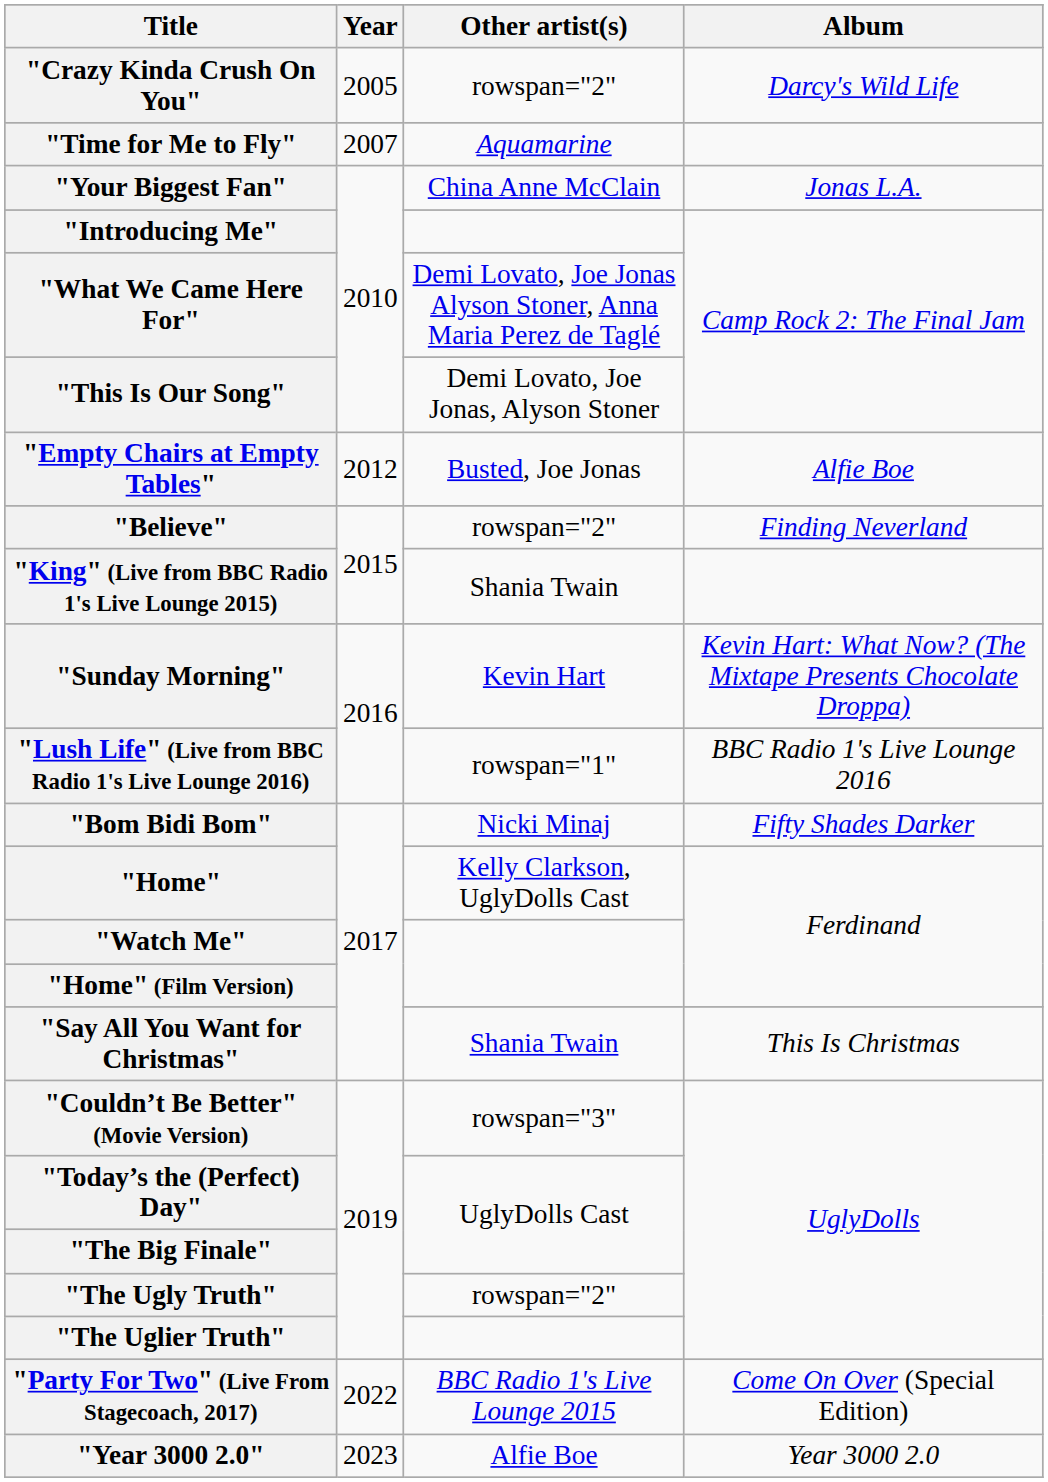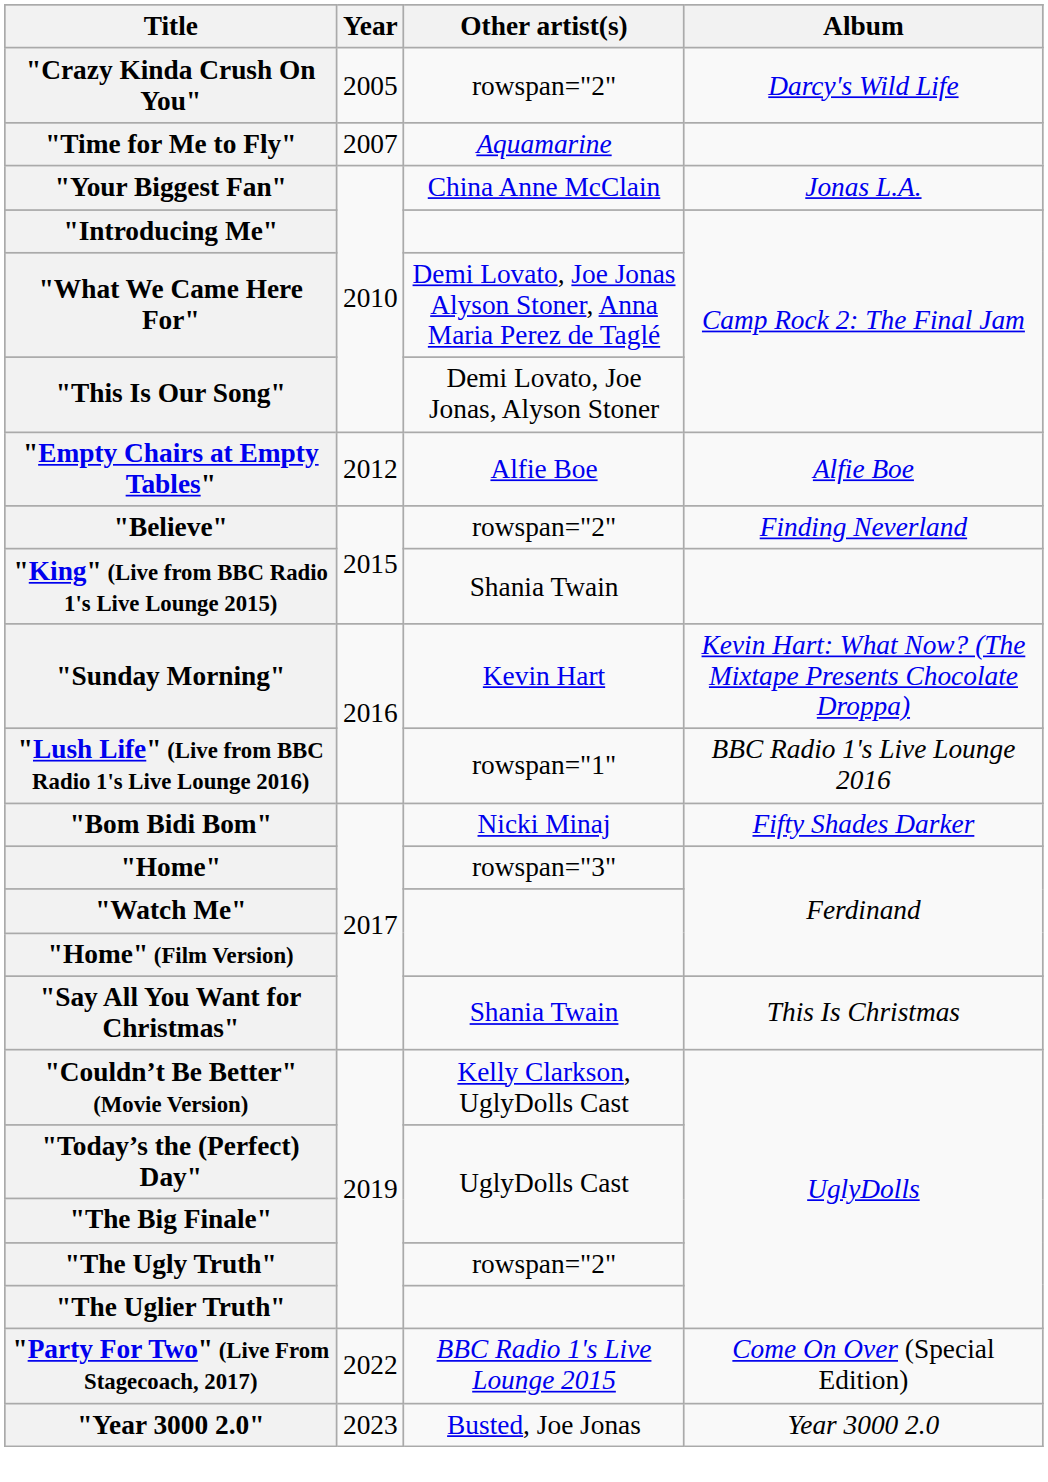 <table class="wikitable plainrowheaders" style="text-align:center;">
 <tr>
 <th scope="col" style="width:24em;">Title</th>
 <th scope="col" style="width:1em;">Year</th>
 <th scope="col" style="width:19em;">Other artist(s)</th>
 <th scope="col" style="width:30em;">Album</th>
 </tr>
 <tr>
 <th scope="row">"Crazy Kinda Crush On You"</th>
 <td>2005</td>
 <td>rowspan="2" </td>
 <td><em><a href='#'>Darcy's Wild Life</a></em></td>
 </tr>
 <tr>
 <th scope="row">"Time for Me to Fly"</th>
 <td>2007</td>
 <td><em><a href='#'>Aquamarine</a></em></td>
 </tr>
 <tr>
 <th scope="row">"Your Biggest Fan"</th>
 <td rowspan="4">2010</td>
 <td><a href='#'>China Anne McClain</a></td>
 <td><em><a href='#'>Jonas L.A.</a></em></td>
 </tr>
 <tr>
 <th scope="row">"Introducing Me"</th>
 <td></td>
 <td rowspan="3"><em><a href='#'>Camp Rock 2: The Final Jam</a></em></td>
 </tr>
 <tr>
 <th scope="row">"What We Came Here For"</th>
 <td><a href='#'>Demi Lovato</a>, <a href='#'>Joe Jonas</a><br><a href='#'>Alyson Stoner</a>, <a href='#'>Anna Maria Perez de Taglé</a></td>
 </tr>
 <tr>
 <th scope="row">"This Is Our Song"</th>
 <td>Demi Lovato, Joe Jonas, Alyson Stoner</td>
 </tr>
 <tr>
 <th scope="row">"<a href='#'>Empty Chairs at Empty Tables</a>"</th>
 <td>2012</td>
-<td><a href='#'>Busted</a>, Joe Jonas</td>
+<td><a href='#'>Alfie Boe</a></td>
 <td><em><a href='#'>Alfie Boe</a></em></td>
 </tr>
 <tr>
 <th scope="row">"Believe"</th>
 <td rowspan="2">2015</td>
 <td>rowspan="2" </td>
 <td><em><a href='#'>Finding Neverland</a></em></td>
 </tr>
 <tr>
 <th scope="row">"<a href='#'>King</a>"<small> (Live from BBC Radio 1's Live Lounge 2015)</small></th>
 <td>Shania Twain</td>
 </tr>
 <tr>
 <th scope="row">"Sunday Morning"</th>
 <td rowspan="2">2016</td>
 <td><a href='#'>Kevin Hart</a></td>
 <td><em><a href='#'>Kevin Hart: What Now? (The Mixtape Presents Chocolate Droppa)</a></em></td>
 </tr>
 <tr>
 <th scope="row">"<a href='#'>Lush Life</a>"<small> (Live from BBC Radio 1's Live Lounge 2016)</small></th>
 <td>rowspan="1" </td>
 <td><em>BBC Radio 1's Live Lounge 2016</em></td>
 </tr>
 <tr>
 <th scope="row">"Bom Bidi Bom"</th>
 <td rowspan="5">2017</td>
 <td><a href='#'>Nicki Minaj</a></td>
 <td><em><a href='#'>Fifty Shades Darker</a></em></td>
 </tr>
 <tr>
 <th scope="row">"Home"</th>
-<td><a href='#'>Kelly Clarkson</a>, UglyDolls Cast</td>
+<td>rowspan="3" </td>
 <td rowspan="3"><em>Ferdinand</em></td>
 </tr>
 <tr>
 <th scope="row">"Watch Me"</th>
 </tr>
 <tr>
 <th scope="row">"Home"<small> (Film Version)</small></th>
 </tr>
 <tr>
 <th scope="row">"Say All You Want for Christmas"</th>
 <td><a href='#'>Shania Twain</a></td>
 <td><em>This Is Christmas</em></td>
 </tr>
 <tr>
 <th scope="row">"Couldn’t Be Better"<small> (Movie Version)</small></th>
 <td rowspan="5">2019</td>
-<td>rowspan="3" </td>
+<td><a href='#'>Kelly Clarkson</a>, UglyDolls Cast</td>
 <td rowspan="5"><em><a href='#'>UglyDolls</a></em></td>
 </tr>
 <tr>
 <th scope="row">"Today’s the (Perfect) Day"</th>
 <td rowspan="2">UglyDolls Cast</td>
 </tr>
 <tr>
 <th scope="row">"The Big Finale"</th>
 </tr>
 <tr>
 <th scope="row">"The Ugly Truth"</th>
 <td>rowspan="2" </td>
 </tr>
 <tr>
 <th scope="row">"The Uglier Truth"</th>
 </tr>
 <tr>
 <th scope="row">"<a href='#'>Party For Two</a>"<small> (Live From Stagecoach, 2017)</small></th>
 <td rowspan="1">2022</td>
 <td><em><a href='#'>BBC Radio 1's Live Lounge 2015</a></em></td>
 <td rowspan="1"><em><a href='#'>Come On Over</a></em> (Special Edition)</td>
 </tr>
 <tr>
 <th scope="row">"Year 3000 2.0"</th>
 <td>2023</td>
-<td><a href='#'>Alfie Boe</a></td>
+<td><a href='#'>Busted</a>, Joe Jonas</td>
 <td><em>Year 3000 2.0</em></td>
 </tr>
 </table>
